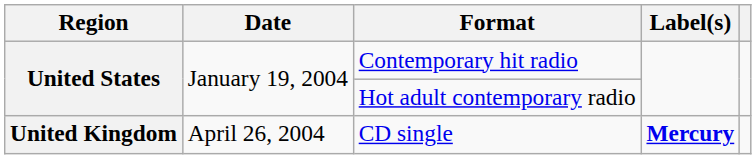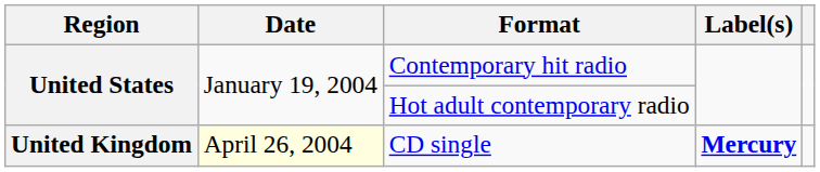 <table class="wikitable plainrowheaders">
 <tr>
 <th>Region</th>
 <th>Date</th>
 <th>Format</th>
 <th>Label(s)</th>
 <th></th>
 </tr>
 <tr>
 <th scope="row" rowspan="2">United States</th>
 <td rowspan="2">January 19, 2004</td>
 <td><a href='#'>Contemporary hit radio</a></td>
 <td rowspan="2"></td>
 <td rowspan="2"></td>
 </tr>
 <tr>
 <td><a href='#'>Hot adult contemporary</a> radio</td>
 </tr>
 <tr>
 <th scope="row" rowspan="2">United Kingdom</th>
-<td>April 26, 2004</td>
+<td style="background: lightyellow;">April 26, 2004</td>
 <td><a href='#'>CD single</a></td>
 <td><strong><a href='#'>Mercury</a></strong></td>
 <td></td>
 </tr>
 </table>
